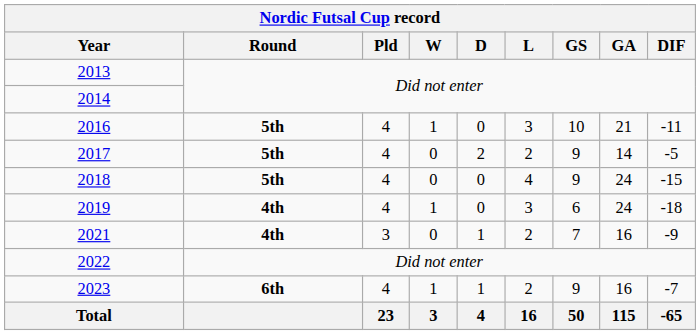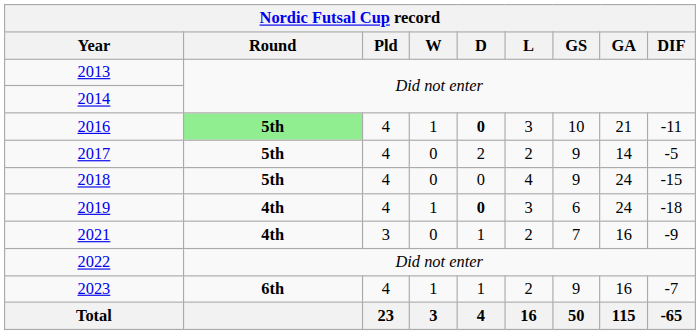 <table class="wikitable" style="text-align: center;font-size:90%;">
 <tr>
 <th colspan=9><a href='#'>Nordic Futsal Cup</a> record</th>
 </tr>
 <tr>
 <th width=150>Year</th>
 <th width=150>Round</th>
 <th width=35>Pld</th>
 <th width=35>W</th>
 <th width=35>D</th>
 <th width=35>L</th>
 <th width=35>GS</th>
 <th width=35>GA</th>
 <th width=35>DIF</th>
 </tr>
 <tr>
 <td> <a href='#'>2013</a></td>
 <td rowspan=2; colspan=8><em>Did not enter</em></td>
 </tr>
 <tr>
 <td> <a href='#'>2014</a></td>
 </tr>
 <tr>
 <td> <a href='#'>2016</a></td>
-<td><strong>5th</strong></td>
+<td style="background: lightgreen;"><strong>5th</strong></td>
 <td>4</td>
 <td>1</td>
-<td>0</td>
+<td><strong>0</strong></td>
 <td>3</td>
 <td>10</td>
 <td>21</td>
 <td>-11</td>
 </tr>
 <tr>
 <td> <a href='#'>2017</a></td>
 <td><strong>5th</strong></td>
 <td>4</td>
 <td>0</td>
 <td>2</td>
 <td>2</td>
 <td>9</td>
 <td>14</td>
 <td>-5</td>
 </tr>
 <tr>
 <td> <a href='#'>2018</a></td>
 <td><strong>5th</strong></td>
 <td>4</td>
 <td>0</td>
 <td>0</td>
 <td>4</td>
 <td>9</td>
 <td>24</td>
 <td>-15</td>
 </tr>
 <tr>
 <td> <a href='#'>2019</a></td>
 <td><strong>4th</strong></td>
 <td>4</td>
 <td>1</td>
-<td>0</td>
+<td><strong>0</strong></td>
 <td>3</td>
 <td>6</td>
 <td>24</td>
 <td>-18</td>
 </tr>
 <tr>
 <td> <a href='#'>2021</a></td>
 <td><strong>4th</strong></td>
 <td>3</td>
 <td>0</td>
 <td>1</td>
 <td>2</td>
 <td>7</td>
 <td>16</td>
 <td>-9</td>
 </tr>
 <tr>
 <td> <a href='#'>2022</a></td>
 <td colspan=8><em>Did not enter</em></td>
 </tr>
 <tr>
 <td> <a href='#'>2023</a></td>
 <td><strong>6th</strong></td>
 <td>4</td>
 <td>1</td>
 <td>1</td>
 <td>2</td>
 <td>9</td>
 <td>16</td>
 <td>-7</td>
 </tr>
 <tr>
 <th><strong>Total</strong></th>
 <th></th>
 <th>23</th>
 <th>3</th>
 <th>4</th>
 <th>16</th>
 <th>50</th>
 <th>115</th>
 <th>-65</th>
 </tr>
 </table>
